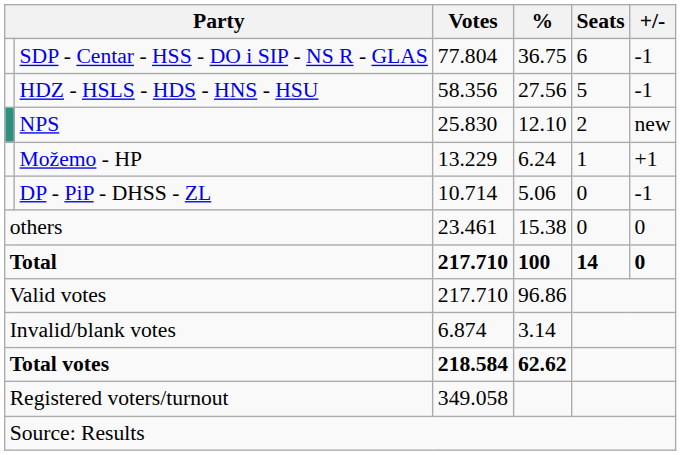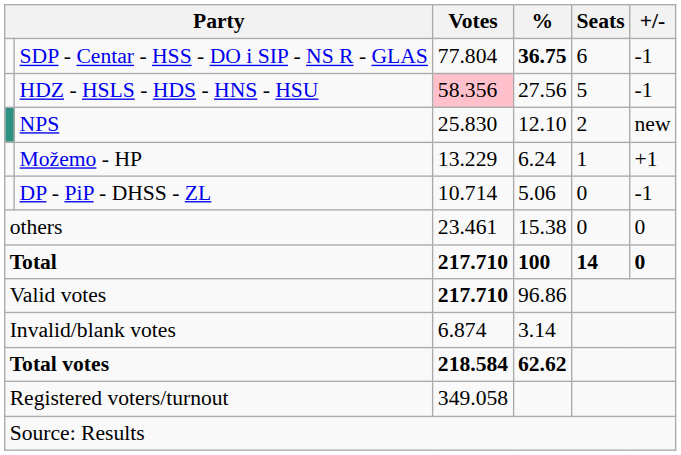 <table class="wikitable" style="text-align: left;">
 <tr>
 <th colspan="2">Party</th>
 <th>Votes</th>
 <th>%</th>
 <th>Seats</th>
 <th>+/-</th>
 </tr>
 <tr>
 <td style="background-color: "></td>
 <td><a href='#'>SDP</a> - <a href='#'>Centar</a> - <a href='#'>HSS</a> - <a href='#'>DO i SIP</a> - <a href='#'>NS R</a> - <a href='#'>GLAS</a></td>
 <td>77.804</td>
-<td>36.75</td>
+<td><strong>36.75</strong></td>
 <td>6</td>
 <td>-1</td>
 </tr>
 <tr>
 <td style="background-color: "></td>
 <td><a href='#'>HDZ</a> - <a href='#'>HSLS</a> - <a href='#'>HDS</a> - <a href='#'>HNS</a> - <a href='#'>HSU</a></td>
-<td>58.356</td>
+<td style="background: pink;">58.356</td>
 <td>27.56</td>
 <td>5</td>
 <td>-1</td>
 </tr>
 <tr>
 <td style="background-color:#2c9180"></td>
 <td><a href='#'>NPS</a></td>
 <td>25.830</td>
 <td>12.10</td>
 <td>2</td>
 <td>new</td>
 </tr>
 <tr>
 <td style="background-color: "></td>
 <td><a href='#'>Možemo</a> - HP</td>
 <td>13.229</td>
 <td>6.24</td>
 <td>1</td>
 <td>+1</td>
 </tr>
 <tr>
 <td style="background-color: "></td>
 <td><a href='#'>DP</a> - <a href='#'>PiP</a> - DHSS - <a href='#'>ZL</a></td>
 <td>10.714</td>
 <td>5.06</td>
 <td>0</td>
 <td>-1</td>
 </tr>
 <tr>
 <td colspan="2">others</td>
 <td>23.461</td>
 <td>15.38</td>
 <td>0</td>
 <td>0</td>
 </tr>
 <tr>
 <td colspan="2"><strong>Total</strong></td>
 <td><strong>217.710</strong></td>
 <td><strong>100</strong></td>
 <td><strong>14</strong></td>
 <td><strong>0</strong></td>
 </tr>
 <tr>
 <td colspan="2">Valid votes</td>
-<td>217.710</td>
+<td><strong>217.710</strong></td>
 <td>96.86</td>
 <td colspan="2"></td>
 </tr>
 <tr>
 <td colspan="2">Invalid/blank votes</td>
 <td>6.874</td>
 <td>3.14</td>
 <td colspan="2"></td>
 </tr>
 <tr>
 <td colspan="2"><strong>Total votes</strong></td>
 <td><strong>218.584</strong></td>
 <td><strong>62.62</strong></td>
 <td colspan="2"></td>
 </tr>
 <tr>
 <td colspan="2">Registered voters/turnout</td>
 <td votes14="5343">349.058</td>
 <td></td>
 <td colspan="2"></td>
 </tr>
 <tr>
 <td colspan="6">Source: Results</td>
 </tr>
 </table>
